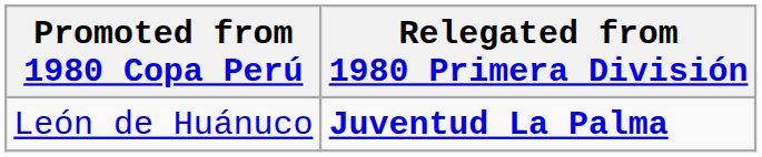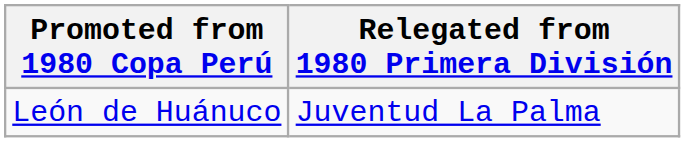 <table class="wikitable">
 <tr>
 <th>Promoted from<br><a href='#'>1980 Copa Perú</a></th>
 <th>Relegated from<br><a href='#'>1980 Primera División</a></th>
 </tr>
 <tr>
 <td> <a href='#'>León de Huánuco</a> </td>
-<td><strong> <a href='#'>Juventud La Palma</a> </strong></td>
+<td> <a href='#'>Juventud La Palma</a> </td>
 </tr>
 </table>
